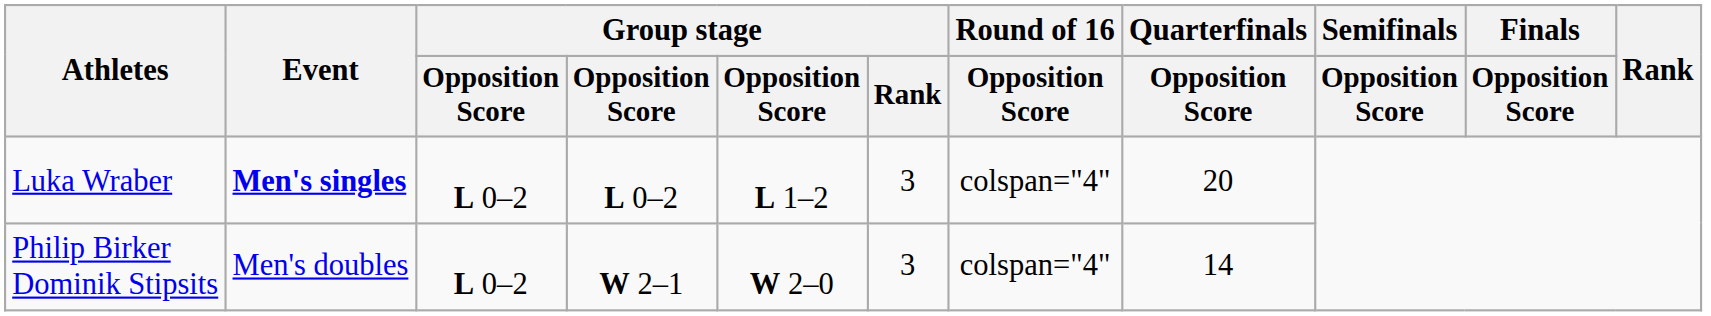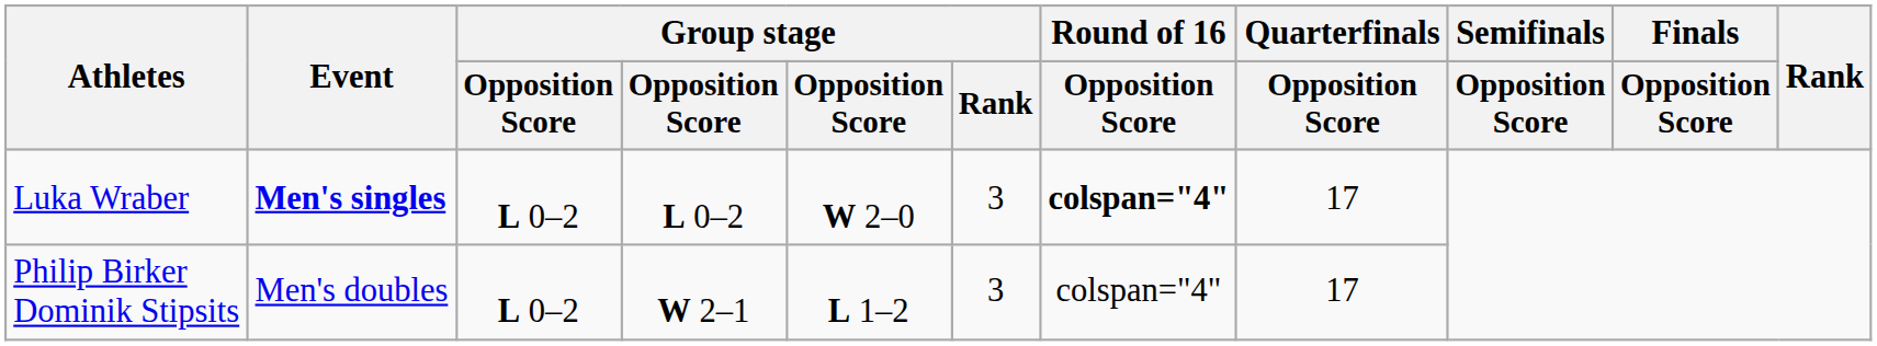 <table class=wikitable style="font-size:90%">
 <tr>
 <th rowspan="2">Athletes</th>
 <th rowspan="2">Event</th>
 <th colspan="4">Group stage</th>
 <th>Round of 16</th>
 <th>Quarterfinals</th>
 <th>Semifinals</th>
 <th>Finals</th>
 <th rowspan="2">Rank</th>
 </tr>
 <tr style="font-size:95%">
 <th>Opposition<br>Score</th>
 <th>Opposition<br>Score</th>
 <th>Opposition<br>Score</th>
 <th>Rank</th>
 <th>Opposition<br>Score</th>
 <th>Opposition<br>Score</th>
 <th>Opposition<br>Score</th>
 <th>Opposition<br>Score</th>
 </tr>
 <tr align=center>
 <td align=left><a href='#'>Luka Wraber</a></td>
 <td align=left><strong><a href='#'>Men's singles</a></strong></td>
 <td><br><strong>L</strong> 0–2</td>
 <td><br><strong>L</strong> 0–2</td>
-<td><br><strong>L</strong> 1–2</td>
+<td><br><strong>W</strong> 2–0</td>
 <td>3</td>
-<td>colspan="4" </td>
-<td>20</td>
+<td><strong>colspan="4" </strong></td>
+<td>17</td>
 </tr>
 <tr align=center>
 <td align=left><a href='#'>Philip Birker</a><br><a href='#'>Dominik Stipsits</a></td>
 <td align=left><a href='#'>Men's doubles</a></td>
 <td><br><strong>L</strong> 0–2</td>
 <td><br><strong>W</strong> 2–1</td>
-<td><br><strong>W</strong> 2–0</td>
+<td><br><strong>L</strong> 1–2</td>
 <td>3</td>
 <td>colspan="4" </td>
-<td>14</td>
+<td>17</td>
 </tr>
 </table>
